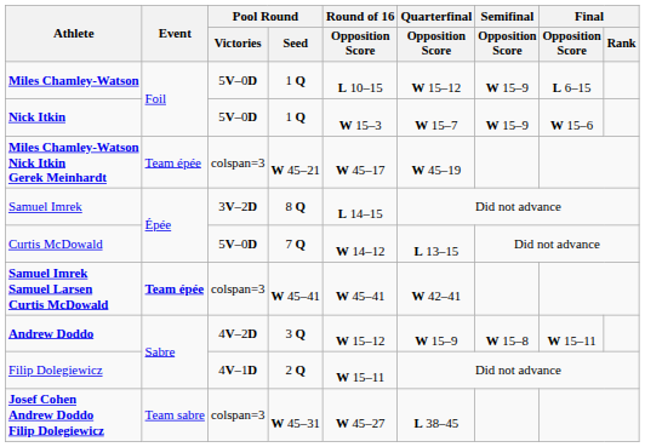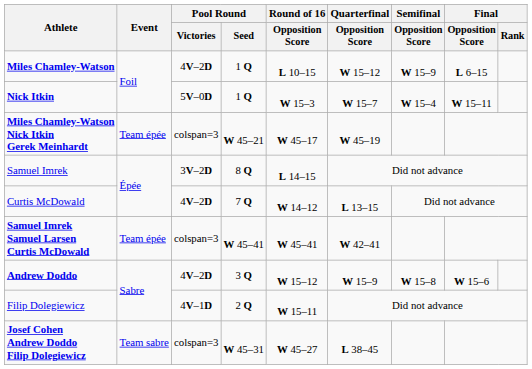 <table class=wikitable style=font-size:90%;text-align:center>
 <tr>
 <th rowspan=2>Athlete</th>
 <th rowspan=2>Event</th>
 <th colspan=2>Pool Round</th>
 <th>Round of 16</th>
 <th>Quarterfinal</th>
 <th>Semifinal</th>
 <th colspan=2>Final</th>
 </tr>
 <tr style=font-size:95%>
 <th>Victories</th>
 <th>Seed</th>
 <th>Opposition<br>Score</th>
 <th>Opposition<br>Score</th>
 <th>Opposition<br>Score</th>
 <th>Opposition<br>Score</th>
 <th>Rank</th>
 </tr>
 <tr>
 <td align=left><strong><a href='#'>Miles Chamley-Watson</a></strong></td>
 <td align=left rowspan=2><a href='#'>Foil</a></td>
-<td>5<strong>V</strong>–0<strong>D</strong></td>
+<td>4<strong>V</strong>–2<strong>D</strong></td>
 <td>1 <strong>Q</strong></td>
 <td><br><strong>L</strong> 10–15</td>
 <td><br><strong>W</strong> 15–12</td>
 <td><br><strong>W</strong> 15–9</td>
 <td><br><strong>L</strong> 6–15</td>
 <td></td>
 </tr>
 <tr>
 <td align=left><strong><a href='#'>Nick Itkin</a></strong></td>
 <td>5<strong>V</strong>–0<strong>D</strong></td>
 <td>1 <strong>Q</strong></td>
 <td><br><strong>W</strong> 15–3</td>
 <td><br><strong>W</strong> 15–7</td>
-<td><br><strong>W</strong> 15–9</td>
-<td><br><strong>W</strong> 15–6</td>
+<td><br><strong>W</strong> 15–4</td>
+<td><br><strong>W</strong> 15–11</td>
 <td></td>
 </tr>
 <tr>
 <td align=left><strong><a href='#'>Miles Chamley-Watson</a><br><a href='#'>Nick Itkin</a><br><a href='#'>Gerek Meinhardt</a></strong></td>
 <td align=left><a href='#'>Team épée</a></td>
 <td>colspan=3 </td>
 <td><br><strong>W</strong> 45–21</td>
 <td><br><strong>W</strong> 45–17</td>
 <td><br><strong>W</strong> 45–19</td>
 <td></td>
 </tr>
 <tr>
 <td align=left><a href='#'>Samuel Imrek</a></td>
 <td align=left rowspan=2><a href='#'>Épée</a></td>
 <td>3<strong>V</strong>–2<strong>D</strong></td>
 <td>8 <strong>Q</strong></td>
 <td><br><strong>L</strong> 14–15</td>
 <td colspan=4>Did not advance</td>
 </tr>
 <tr>
 <td align=left><a href='#'>Curtis McDowald</a></td>
-<td>5<strong>V</strong>–0<strong>D</strong></td>
+<td>4<strong>V</strong>–2<strong>D</strong></td>
 <td>7 <strong>Q</strong></td>
 <td><br><strong>W</strong> 14–12</td>
 <td><br><strong>L</strong> 13–15</td>
 <td colspan=3>Did not advance</td>
 </tr>
 <tr>
 <td align=left><strong><a href='#'>Samuel Imrek</a><br><a href='#'>Samuel Larsen</a><br><a href='#'>Curtis McDowald</a></strong></td>
-<td align=left><strong><a href='#'>Team épée</a></strong></td>
+<td align=left><a href='#'>Team épée</a></td>
 <td>colspan=3 </td>
 <td><br><strong>W</strong> 45–41</td>
 <td><br><strong>W</strong> 45–41</td>
 <td><br><strong>W</strong> 42–41</td>
 <td></td>
 </tr>
 <tr>
 <td align=left><strong><a href='#'>Andrew Doddo</a></strong></td>
 <td align=left rowspan=2><a href='#'>Sabre</a></td>
 <td>4<strong>V</strong>–2<strong>D</strong></td>
 <td>3 <strong>Q</strong></td>
 <td><br><strong>W</strong> 15–12</td>
 <td><br><strong>W</strong> 15–9</td>
 <td><br><strong>W</strong> 15–8</td>
-<td><br><strong>W</strong> 15–11</td>
+<td><br><strong>W</strong> 15–6</td>
 <td></td>
 </tr>
 <tr>
 <td align=left><a href='#'>Filip Dolegiewicz</a></td>
 <td>4<strong>V</strong>–1<strong>D</strong></td>
 <td>2 <strong>Q</strong></td>
 <td><br><strong>W</strong> 15–11</td>
 <td colspan=4>Did not advance</td>
 </tr>
 <tr>
 <td align=left><strong><a href='#'>Josef Cohen</a><br><a href='#'>Andrew Doddo</a><br><a href='#'>Filip Dolegiewicz</a></strong></td>
 <td align=left><a href='#'>Team sabre</a></td>
 <td>colspan=3 </td>
 <td><br><strong>W</strong> 45–31</td>
 <td><br><strong>W</strong> 45–27</td>
 <td><br><strong>L</strong> 38–45</td>
 <td></td>
 </tr>
 </table>
